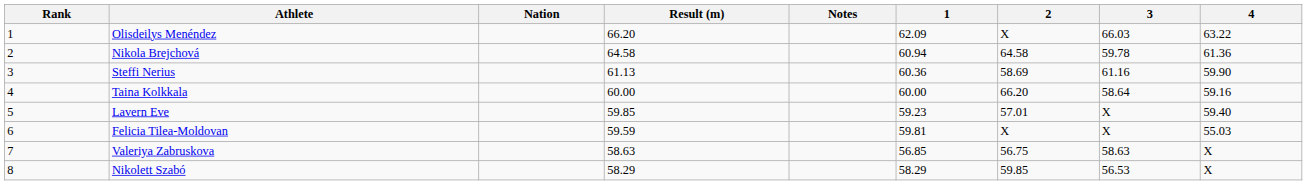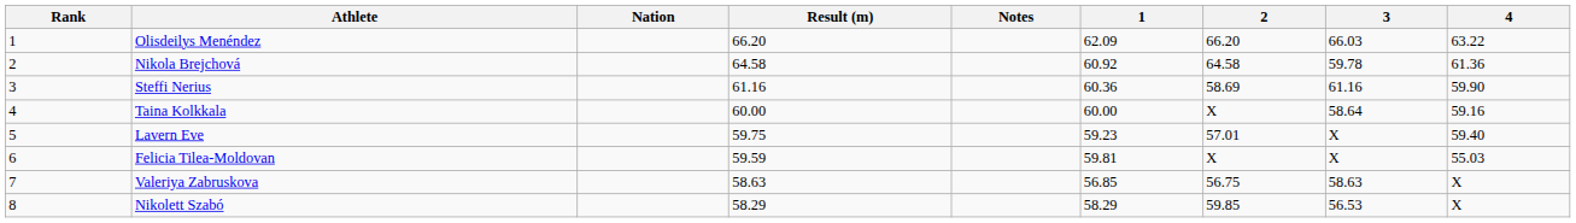 <table class="wikitable" style="text=align:center;" width=85%>
 <tr>
 <th>Rank</th>
 <th>Athlete</th>
 <th>Nation</th>
 <th>Result (m)</th>
 <th>Notes</th>
 <th>1</th>
 <th>2</th>
 <th>3</th>
 <th>4</th>
 </tr>
 <tr>
 <td>1</td>
 <td><a href='#'>Olisdeilys Menéndez</a></td>
 <td></td>
 <td>66.20</td>
 <td></td>
 <td>62.09</td>
-<td>X</td>
+<td>66.20</td>
 <td>66.03</td>
 <td>63.22</td>
 </tr>
 <tr>
 <td>2</td>
 <td><a href='#'>Nikola Brejchová</a></td>
 <td></td>
 <td>64.58</td>
 <td></td>
-<td>60.94</td>
+<td>60.92</td>
 <td>64.58</td>
 <td>59.78</td>
 <td>61.36</td>
 </tr>
 <tr>
 <td>3</td>
 <td><a href='#'>Steffi Nerius</a></td>
 <td></td>
-<td>61.13</td>
+<td>61.16</td>
 <td></td>
 <td>60.36</td>
 <td>58.69</td>
 <td>61.16</td>
 <td>59.90</td>
 </tr>
 <tr>
 <td>4</td>
 <td><a href='#'>Taina Kolkkala</a></td>
 <td></td>
 <td>60.00</td>
 <td></td>
 <td>60.00</td>
-<td>66.20</td>
+<td>X</td>
 <td>58.64</td>
 <td>59.16</td>
 </tr>
 <tr>
 <td>5</td>
 <td><a href='#'>Lavern Eve</a></td>
 <td></td>
-<td>59.85</td>
+<td>59.75</td>
 <td></td>
 <td>59.23</td>
 <td>57.01</td>
 <td>X</td>
 <td>59.40</td>
 </tr>
 <tr>
 <td>6</td>
 <td><a href='#'>Felicia Tilea-Moldovan</a></td>
 <td></td>
 <td>59.59</td>
 <td></td>
 <td>59.81</td>
 <td>X</td>
 <td>X</td>
 <td>55.03</td>
 </tr>
 <tr>
 <td>7</td>
 <td><a href='#'>Valeriya Zabruskova</a></td>
 <td></td>
 <td>58.63</td>
 <td></td>
 <td>56.85</td>
 <td>56.75</td>
 <td>58.63</td>
 <td>X</td>
 </tr>
 <tr>
 <td>8</td>
 <td><a href='#'>Nikolett Szabó</a></td>
 <td></td>
 <td>58.29</td>
 <td></td>
 <td>58.29</td>
 <td>59.85</td>
 <td>56.53</td>
 <td>X</td>
 </tr>
 </table>
